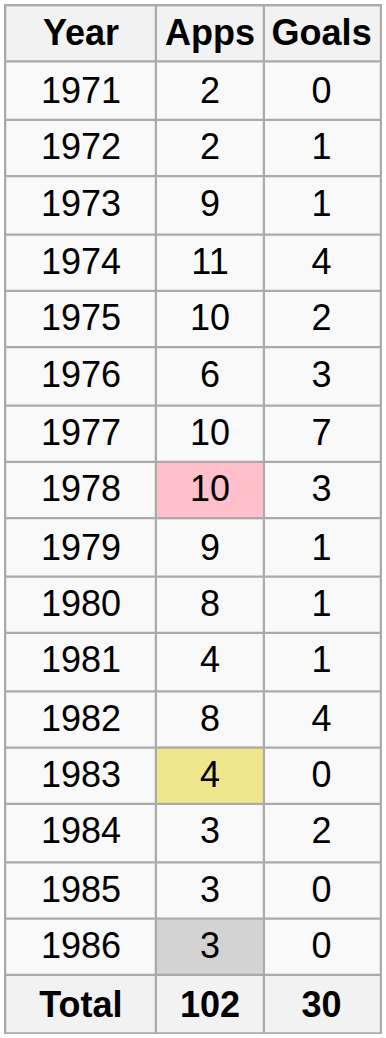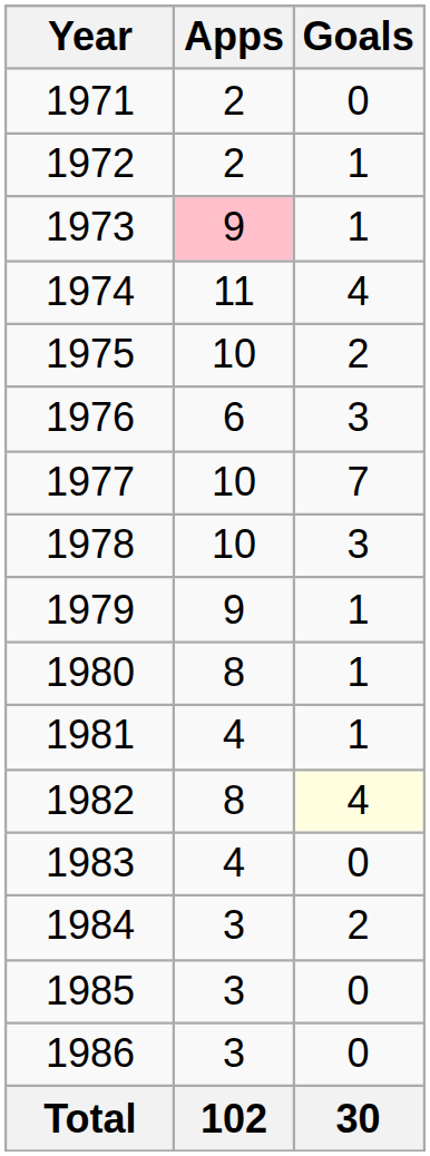 <table class="wikitable" style="text-align:center">
 <tr>
 </tr>
 <tr>
 <th width="60">Year</th>
 <th width="40">Apps</th>
 <th width="40">Goals</th>
 </tr>
 <tr>
 <td>1971</td>
 <td>2</td>
 <td>0</td>
 </tr>
 <tr>
 <td>1972</td>
 <td>2</td>
 <td>1</td>
 </tr>
 <tr>
 <td>1973</td>
-<td>9</td>
+<td style="background: pink;">9</td>
 <td>1</td>
 </tr>
 <tr>
 <td>1974</td>
 <td>11</td>
 <td>4</td>
 </tr>
 <tr>
 <td>1975</td>
 <td>10</td>
 <td>2</td>
 </tr>
 <tr>
 <td>1976</td>
 <td>6</td>
 <td>3</td>
 </tr>
 <tr>
 <td>1977</td>
 <td>10</td>
 <td>7</td>
 </tr>
 <tr>
 <td>1978</td>
-<td style="background: pink;">10</td>
+<td>10</td>
 <td>3</td>
 </tr>
 <tr>
 <td>1979</td>
 <td>9</td>
 <td>1</td>
 </tr>
 <tr>
 <td>1980</td>
 <td>8</td>
 <td>1</td>
 </tr>
 <tr>
 <td>1981</td>
 <td>4</td>
 <td>1</td>
 </tr>
 <tr>
 <td>1982</td>
 <td>8</td>
-<td>4</td>
+<td style="background: lightyellow;">4</td>
 </tr>
 <tr>
 <td>1983</td>
-<td style="background: khaki;">4</td>
+<td>4</td>
 <td>0</td>
 </tr>
 <tr>
 <td>1984</td>
 <td>3</td>
 <td>2</td>
 </tr>
 <tr>
 <td>1985</td>
 <td>3</td>
 <td>0</td>
 </tr>
 <tr>
 <td>1986</td>
-<td style="background: lightgrey;">3</td>
+<td>3</td>
 <td>0</td>
 </tr>
 <tr>
 <th>Total</th>
 <th>102</th>
 <th>30</th>
 </tr>
 </table>
